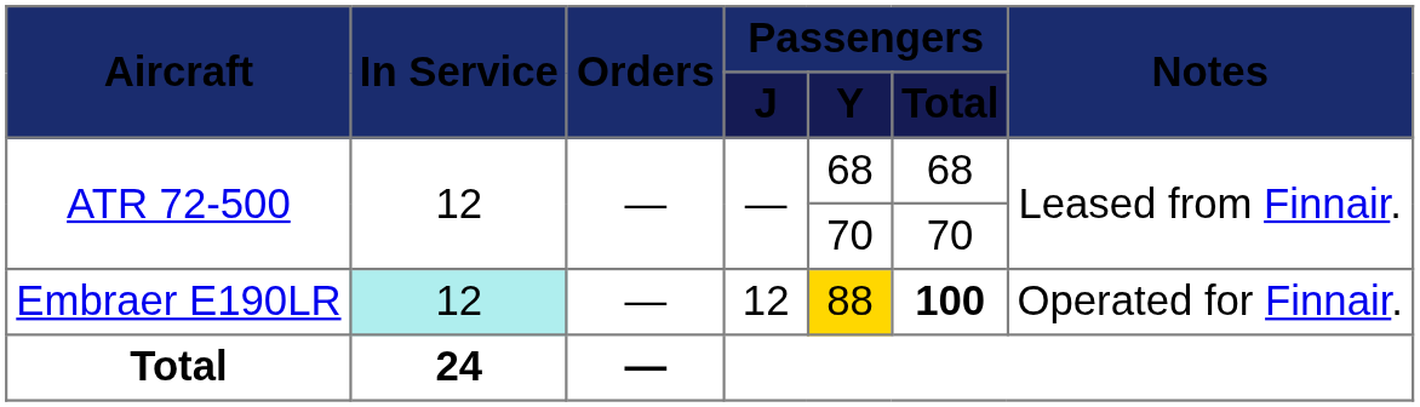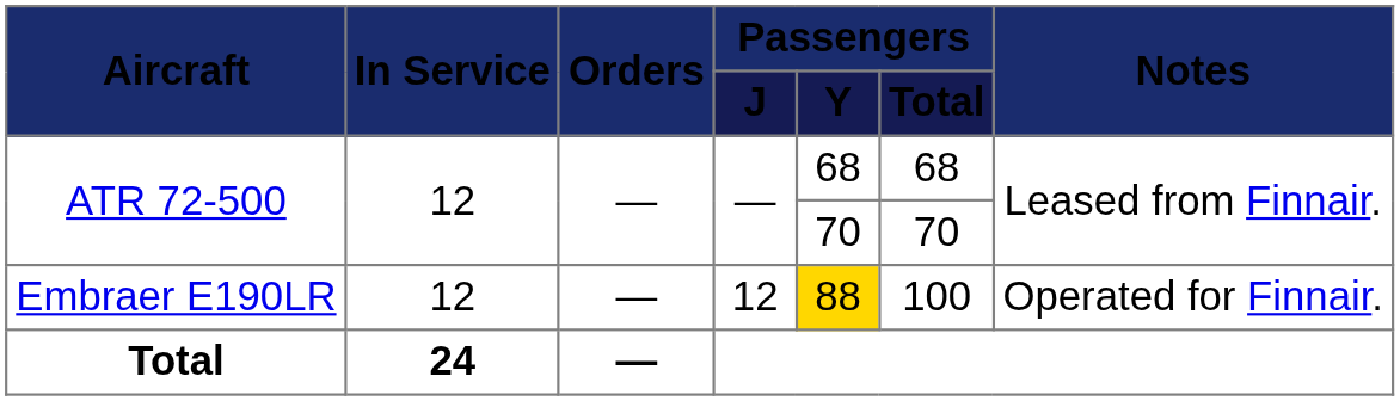 <table class="toccolours" border="1" cellpadding="3" style="margin:1em auto; border-collapse:collapse;text-align:center">
 <tr style="background:#151B54;">
 <th rowspan="2" style="background: #1A2C6E;"><span> Aircraft</span></th>
 <th rowspan="2" style="background: #1A2C6E;"><span> In Service</span></th>
 <th rowspan="2" style="background: #1A2C6E;"><span> Orders</span></th>
 <th colspan="3" style="background: #1A2C6E;"><span> Passengers</span></th>
 <th rowspan="2" style="background: #1A2C6E;"><span> Notes</span></th>
 </tr>
 <tr style="background:#151B54;">
 <th style="width:25px;" style="background: #1A2C6E;"><span> <abbr>J</abbr></span></th>
 <th style="width:25px;" style="background: #1A2C6E;"><span> <abbr>Y</abbr></span></th>
 <th style="width:29px;" style="background: #1A2C6E;"><span> Total</span></th>
 </tr>
 <tr>
 <td rowspan="2"><a href='#'>ATR 72-500</a></td>
 <td rowspan="2">12</td>
 <td rowspan="2">—</td>
 <td rowspan="2">—</td>
 <td>68</td>
 <td>68</td>
 <td rowspan="2">Leased from <a href='#'>Finnair</a>.</td>
 </tr>
 <tr>
 <td>70</td>
 <td>70</td>
 </tr>
 <tr>
 <td><a href='#'>Embraer E190LR</a></td>
-<td style="background: paleturquoise;">12</td>
+<td>12</td>
 <td>—</td>
 <td>12</td>
 <td style="background: gold;">88</td>
-<td><strong>100</strong></td>
+<td>100</td>
 <td>Operated for <a href='#'>Finnair</a>.</td>
 </tr>
 <tr>
 <th>Total</th>
 <th>24</th>
 <th>—</th>
 <th colspan="4"></th>
 </tr>
 </table>
